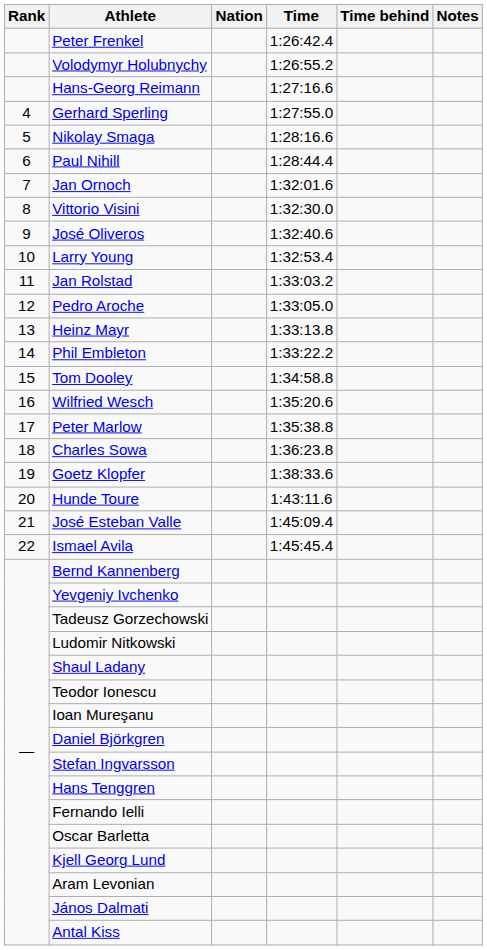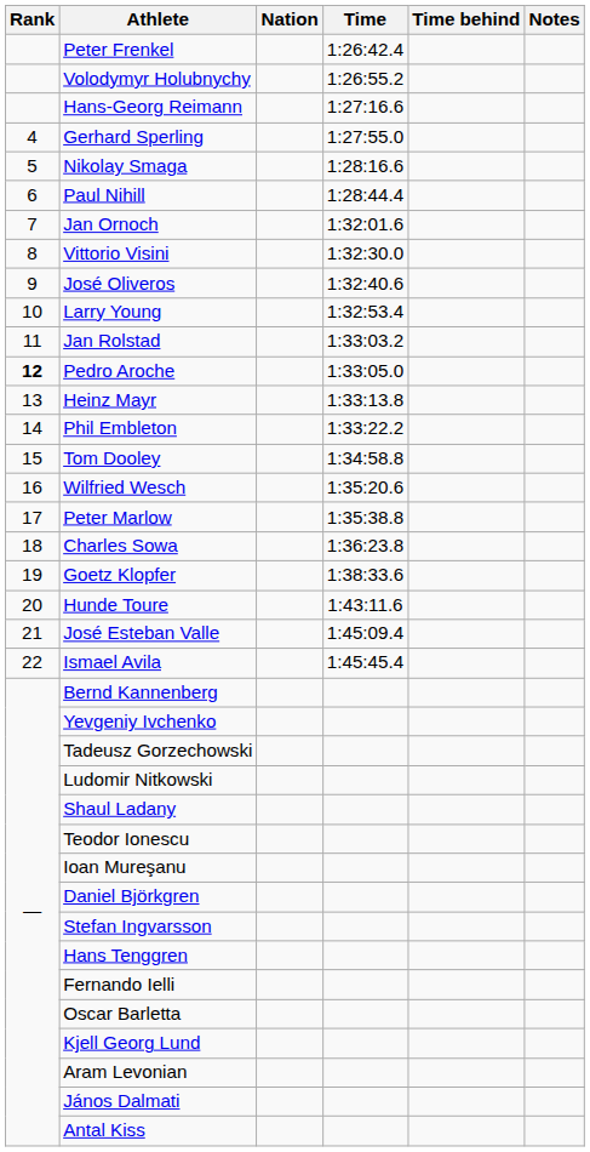 <table class="wikitable sortable" style="text-align:center">
 <tr>
 <th>Rank</th>
 <th>Athlete</th>
 <th>Nation</th>
 <th>Time</th>
 <th>Time behind</th>
 <th>Notes</th>
 </tr>
 <tr>
 <td></td>
 <td align=left><a href='#'>Peter Frenkel</a></td>
 <td align=left></td>
 <td>1:26:42.4</td>
 <td></td>
 <td></td>
 </tr>
 <tr>
 <td></td>
 <td align=left><a href='#'>Volodymyr Holubnychy</a></td>
 <td align=left></td>
 <td>1:26:55.2</td>
 <td></td>
 <td></td>
 </tr>
 <tr>
 <td></td>
 <td align=left><a href='#'>Hans-Georg Reimann</a></td>
 <td align=left></td>
 <td>1:27:16.6</td>
 <td></td>
 <td></td>
 </tr>
 <tr>
 <td>4</td>
 <td align=left><a href='#'>Gerhard Sperling</a></td>
 <td align=left></td>
 <td>1:27:55.0</td>
 <td></td>
 <td></td>
 </tr>
 <tr>
 <td>5</td>
 <td align=left><a href='#'>Nikolay Smaga</a></td>
 <td align=left></td>
 <td>1:28:16.6</td>
 <td></td>
 <td></td>
 </tr>
 <tr>
 <td>6</td>
 <td align=left><a href='#'>Paul Nihill</a></td>
 <td align=left></td>
 <td>1:28:44.4</td>
 <td></td>
 <td></td>
 </tr>
 <tr>
 <td>7</td>
 <td align=left><a href='#'>Jan Ornoch</a></td>
 <td align=left></td>
 <td>1:32:01.6</td>
 <td></td>
 <td></td>
 </tr>
 <tr>
 <td>8</td>
 <td align=left><a href='#'>Vittorio Visini</a></td>
 <td align=left></td>
 <td>1:32:30.0</td>
 <td></td>
 <td></td>
 </tr>
 <tr>
 <td>9</td>
 <td align=left><a href='#'>José Oliveros</a></td>
 <td align=left></td>
 <td>1:32:40.6</td>
 <td></td>
 <td></td>
 </tr>
 <tr>
 <td>10</td>
 <td align=left><a href='#'>Larry Young</a></td>
 <td align=left></td>
 <td>1:32:53.4</td>
 <td></td>
 <td></td>
 </tr>
 <tr>
 <td>11</td>
 <td align=left><a href='#'>Jan Rolstad</a></td>
 <td align=left></td>
 <td>1:33:03.2</td>
 <td></td>
 <td></td>
 </tr>
 <tr>
-<td>12</td>
+<td><strong>12</strong></td>
 <td align=left><a href='#'>Pedro Aroche</a></td>
 <td align=left></td>
 <td>1:33:05.0</td>
 <td></td>
 <td></td>
 </tr>
 <tr>
 <td>13</td>
 <td align=left><a href='#'>Heinz Mayr</a></td>
 <td align=left></td>
 <td>1:33:13.8</td>
 <td></td>
 <td></td>
 </tr>
 <tr>
 <td>14</td>
 <td align=left><a href='#'>Phil Embleton</a></td>
 <td align=left></td>
 <td>1:33:22.2</td>
 <td></td>
 <td></td>
 </tr>
 <tr>
 <td>15</td>
 <td align=left><a href='#'>Tom Dooley</a></td>
 <td align=left></td>
 <td>1:34:58.8</td>
 <td></td>
 <td></td>
 </tr>
 <tr>
 <td>16</td>
 <td align=left><a href='#'>Wilfried Wesch</a></td>
 <td align=left></td>
 <td>1:35:20.6</td>
 <td></td>
 <td></td>
 </tr>
 <tr>
 <td>17</td>
 <td align=left><a href='#'>Peter Marlow</a></td>
 <td align=left></td>
 <td>1:35:38.8</td>
 <td></td>
 <td></td>
 </tr>
 <tr>
 <td>18</td>
 <td align=left><a href='#'>Charles Sowa</a></td>
 <td align=left></td>
 <td>1:36:23.8</td>
 <td></td>
 <td></td>
 </tr>
 <tr>
 <td>19</td>
 <td align=left><a href='#'>Goetz Klopfer</a></td>
 <td align=left></td>
 <td>1:38:33.6</td>
 <td></td>
 <td></td>
 </tr>
 <tr>
 <td>20</td>
 <td align=left><a href='#'>Hunde Toure</a></td>
 <td align=left></td>
 <td>1:43:11.6</td>
 <td></td>
 <td></td>
 </tr>
 <tr>
 <td>21</td>
 <td align=left><a href='#'>José Esteban Valle</a></td>
 <td align=left></td>
 <td>1:45:09.4</td>
 <td></td>
 <td></td>
 </tr>
 <tr>
 <td>22</td>
 <td align=left><a href='#'>Ismael Avila</a></td>
 <td align=left></td>
 <td>1:45:45.4</td>
 <td></td>
 <td></td>
 </tr>
 <tr>
 <td rowspan="16">—</td>
 <td align="left"><a href='#'>Bernd Kannenberg</a></td>
 <td align=left></td>
 <td></td>
 <td></td>
 <td></td>
 </tr>
 <tr>
 <td align="left"><a href='#'>Yevgeniy Ivchenko</a></td>
 <td align=left></td>
 <td></td>
 <td></td>
 <td></td>
 </tr>
 <tr>
 <td align="left">Tadeusz Gorzechowski</td>
 <td align=left></td>
 <td></td>
 <td></td>
 <td></td>
 </tr>
 <tr>
 <td align="left">Ludomir Nitkowski</td>
 <td align=left></td>
 <td></td>
 <td></td>
 <td></td>
 </tr>
 <tr>
 <td align="left"><a href='#'>Shaul Ladany</a></td>
 <td align=left></td>
 <td></td>
 <td></td>
 <td></td>
 </tr>
 <tr>
 <td align="left">Teodor Ionescu</td>
 <td align=left></td>
 <td></td>
 <td></td>
 <td></td>
 </tr>
 <tr>
 <td align="left">Ioan Mureşanu</td>
 <td align=left></td>
 <td></td>
 <td></td>
 <td></td>
 </tr>
 <tr>
 <td align="left"><a href='#'>Daniel Björkgren</a></td>
 <td align=left></td>
 <td></td>
 <td></td>
 <td></td>
 </tr>
 <tr>
 <td align="left"><a href='#'>Stefan Ingvarsson</a></td>
 <td align=left></td>
 <td></td>
 <td></td>
 <td></td>
 </tr>
 <tr>
 <td align="left"><a href='#'>Hans Tenggren</a></td>
 <td align=left></td>
 <td></td>
 <td></td>
 <td></td>
 </tr>
 <tr>
 <td align="left">Fernando Ielli</td>
 <td align=left></td>
 <td></td>
 <td></td>
 <td></td>
 </tr>
 <tr>
 <td align="left">Oscar Barletta</td>
 <td align=left></td>
 <td></td>
 <td></td>
 <td></td>
 </tr>
 <tr>
 <td align="left"><a href='#'>Kjell Georg Lund</a></td>
 <td align=left></td>
 <td></td>
 <td></td>
 </tr>
 <tr>
 <td align="left">Aram Levonian</td>
 <td align=left></td>
 <td></td>
 <td></td>
 <td></td>
 </tr>
 <tr>
 <td align="left"><a href='#'>János Dalmati</a></td>
 <td align=left></td>
 <td></td>
 <td></td>
 <td></td>
 </tr>
 <tr>
 <td align="left"><a href='#'>Antal Kiss</a></td>
 <td align=left></td>
 <td></td>
 <td></td>
 <td></td>
 </tr>
 </table>
